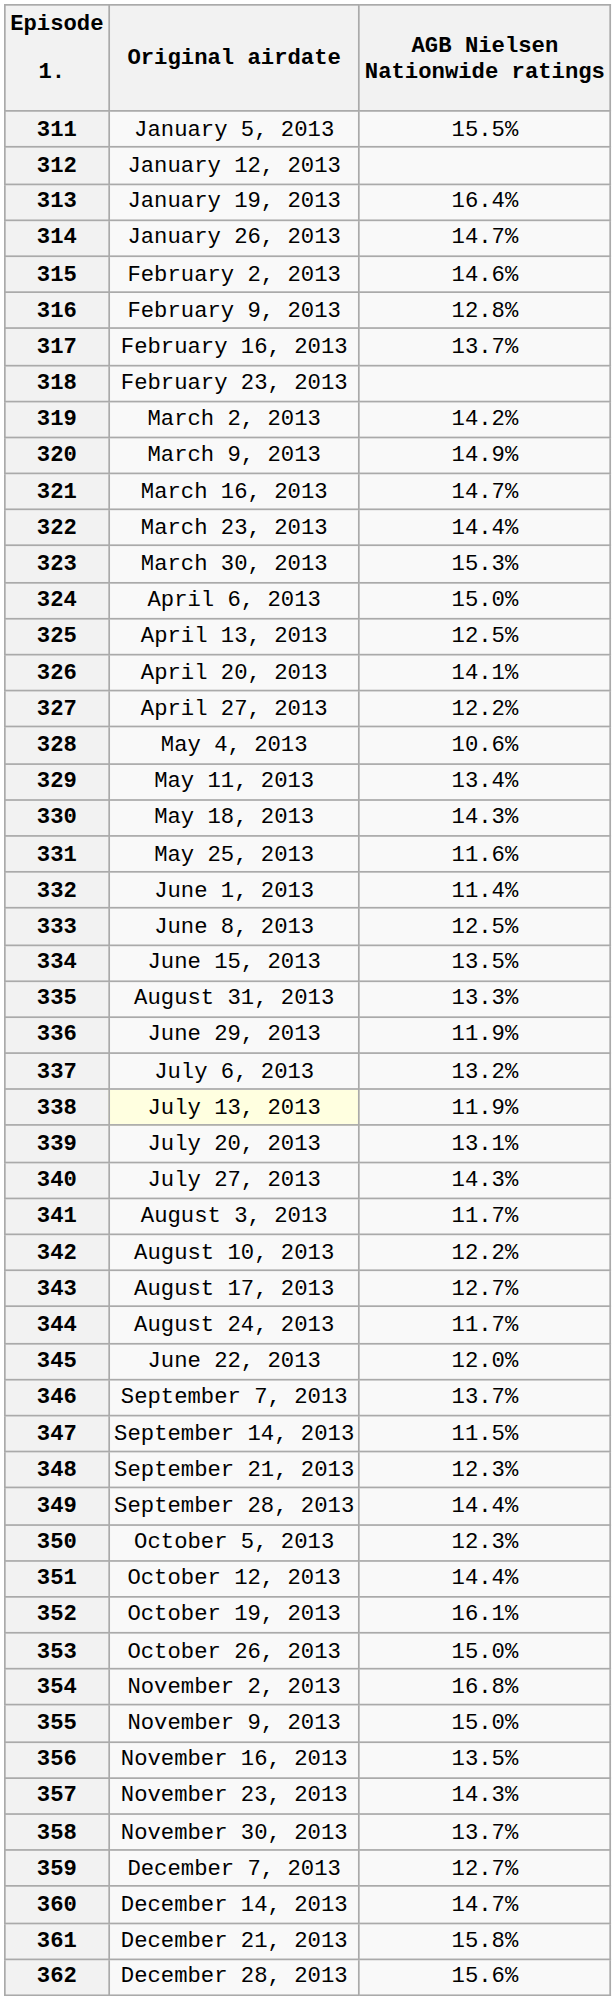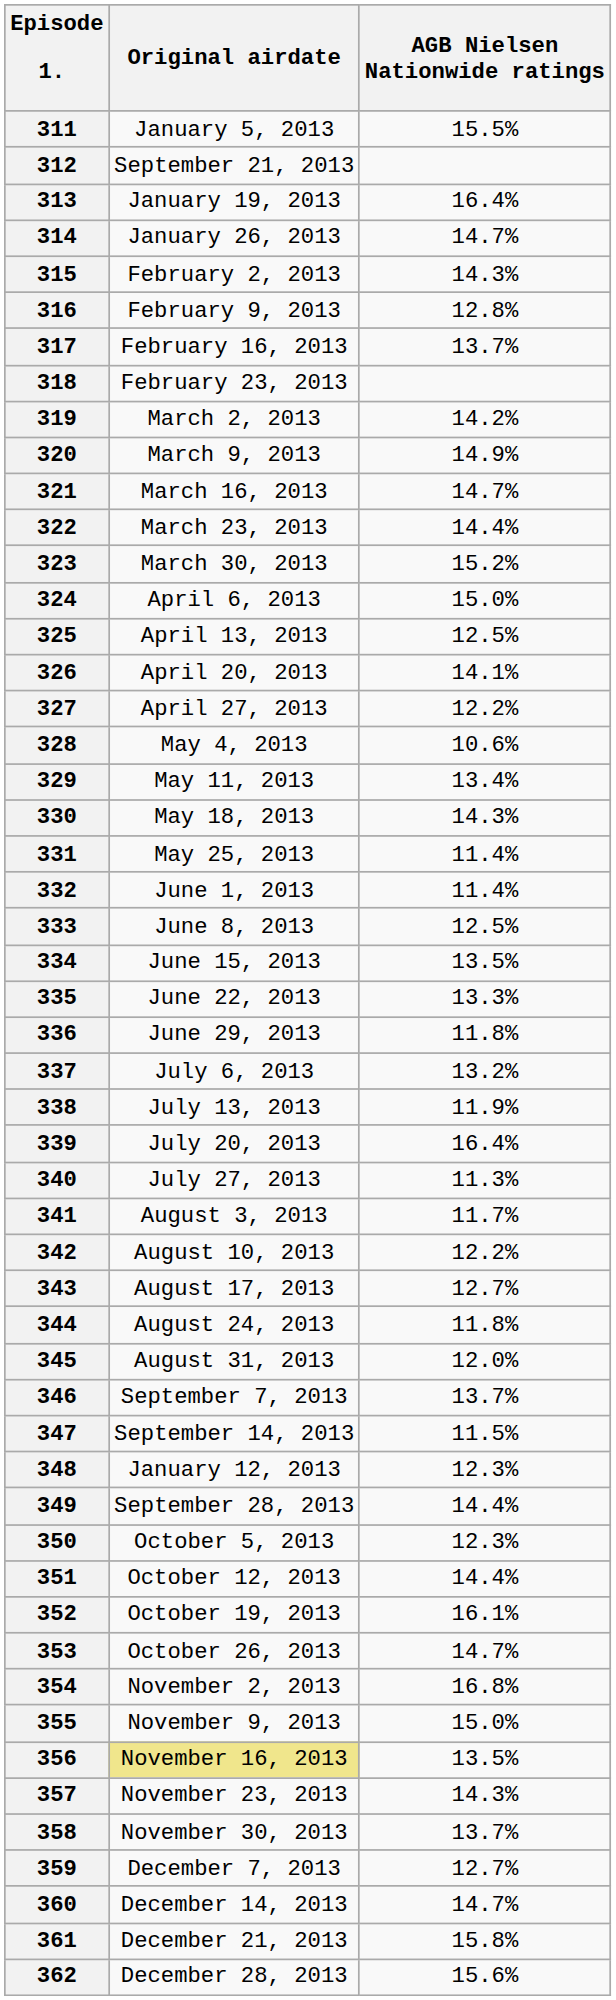 <table class=wikitable style="text-align:center">
 <tr>
 <th>Episode<br><ol><li></li></ol></th>
 <th>Original airdate</th>
 <th>AGB Nielsen<br>Nationwide ratings</th>
 </tr>
 <tr>
 <th>311</th>
 <td>January 5, 2013</td>
 <td>15.5%</td>
 </tr>
 <tr>
 <th>312</th>
-<td>January 12, 2013</td>
+<td>September 21, 2013</td>
 <td></td>
 </tr>
 <tr>
 <th>313</th>
 <td>January 19, 2013</td>
 <td>16.4%</td>
 </tr>
 <tr>
 <th>314</th>
 <td>January 26, 2013</td>
 <td>14.7%</td>
 </tr>
 <tr>
 <th>315</th>
 <td>February 2, 2013</td>
-<td>14.6%</td>
+<td>14.3%</td>
 </tr>
 <tr>
 <th>316</th>
 <td>February 9, 2013</td>
 <td>12.8%</td>
 </tr>
 <tr>
 <th>317</th>
 <td>February 16, 2013</td>
 <td>13.7%</td>
 </tr>
 <tr>
 <th>318</th>
 <td>February 23, 2013</td>
 <td></td>
 </tr>
 <tr>
 <th>319</th>
 <td>March 2, 2013</td>
 <td>14.2%</td>
 </tr>
 <tr>
 <th>320</th>
 <td>March 9, 2013</td>
 <td>14.9%</td>
 </tr>
 <tr>
 <th>321</th>
 <td>March 16, 2013</td>
 <td>14.7%</td>
 </tr>
 <tr>
 <th>322</th>
 <td>March 23, 2013</td>
 <td>14.4%</td>
 </tr>
 <tr>
 <th>323</th>
 <td>March 30, 2013</td>
-<td>15.3%</td>
+<td>15.2%</td>
 </tr>
 <tr>
 <th>324</th>
 <td>April 6, 2013</td>
 <td>15.0%</td>
 </tr>
 <tr>
 <th>325</th>
 <td>April 13, 2013</td>
 <td>12.5%</td>
 </tr>
 <tr>
 <th>326</th>
 <td>April 20, 2013</td>
 <td>14.1%</td>
 </tr>
 <tr>
 <th>327</th>
 <td>April 27, 2013</td>
 <td>12.2%</td>
 </tr>
 <tr>
 <th>328</th>
 <td>May 4, 2013</td>
 <td>10.6%</td>
 </tr>
 <tr>
 <th>329</th>
 <td>May 11, 2013</td>
 <td>13.4%</td>
 </tr>
 <tr>
 <th>330</th>
 <td>May 18, 2013</td>
 <td>14.3%</td>
 </tr>
 <tr>
 <th>331</th>
 <td>May 25, 2013</td>
-<td>11.6%</td>
+<td>11.4%</td>
 </tr>
 <tr>
 <th>332</th>
 <td>June 1, 2013</td>
 <td>11.4%</td>
 </tr>
 <tr>
 <th>333</th>
 <td>June 8, 2013</td>
 <td>12.5%</td>
 </tr>
 <tr>
 <th>334</th>
 <td>June 15, 2013</td>
 <td>13.5%</td>
 </tr>
 <tr>
 <th>335</th>
-<td>August 31, 2013</td>
+<td>June 22, 2013</td>
 <td>13.3%</td>
 </tr>
 <tr>
 <th>336</th>
 <td>June 29, 2013</td>
-<td>11.9%</td>
+<td>11.8%</td>
 </tr>
 <tr>
 <th>337</th>
 <td>July 6, 2013</td>
 <td>13.2%</td>
 </tr>
 <tr>
 <th>338</th>
-<td style="background: lightyellow;">July 13, 2013</td>
+<td>July 13, 2013</td>
 <td>11.9%</td>
 </tr>
 <tr>
 <th>339</th>
 <td>July 20, 2013</td>
-<td>13.1%</td>
+<td>16.4%</td>
 </tr>
 <tr>
 <th>340</th>
 <td>July 27, 2013</td>
-<td>14.3%</td>
+<td>11.3%</td>
 </tr>
 <tr>
 <th>341</th>
 <td>August 3, 2013</td>
 <td>11.7%</td>
 </tr>
 <tr>
 <th>342</th>
 <td>August 10, 2013</td>
 <td>12.2%</td>
 </tr>
 <tr>
 <th>343</th>
 <td>August 17, 2013</td>
 <td>12.7%</td>
 </tr>
 <tr>
 <th>344</th>
 <td>August 24, 2013</td>
-<td>11.7%</td>
+<td>11.8%</td>
 </tr>
 <tr>
 <th>345</th>
-<td>June 22, 2013</td>
+<td>August 31, 2013</td>
 <td>12.0%</td>
 </tr>
 <tr>
 <th>346</th>
 <td>September 7, 2013</td>
 <td>13.7%</td>
 </tr>
 <tr>
 <th>347</th>
 <td>September 14, 2013</td>
 <td>11.5%</td>
 </tr>
 <tr>
 <th>348</th>
-<td>September 21, 2013</td>
+<td>January 12, 2013</td>
 <td>12.3%</td>
 </tr>
 <tr>
 <th>349</th>
 <td>September 28, 2013</td>
 <td>14.4%</td>
 </tr>
 <tr>
 <th>350</th>
 <td>October 5, 2013</td>
 <td>12.3%</td>
 </tr>
 <tr>
 <th>351</th>
 <td>October 12, 2013</td>
 <td>14.4%</td>
 </tr>
 <tr>
 <th>352</th>
 <td>October 19, 2013</td>
 <td>16.1%</td>
 </tr>
 <tr>
 <th>353</th>
 <td>October 26, 2013</td>
-<td>15.0%</td>
+<td>14.7%</td>
 </tr>
 <tr>
 <th>354</th>
 <td>November 2, 2013</td>
 <td>16.8%</td>
 </tr>
 <tr>
 <th>355</th>
 <td>November 9, 2013</td>
 <td>15.0%</td>
 </tr>
 <tr>
 <th>356</th>
-<td>November 16, 2013</td>
+<td style="background: khaki;">November 16, 2013</td>
 <td>13.5%</td>
 </tr>
 <tr>
 <th>357</th>
 <td>November 23, 2013</td>
 <td>14.3%</td>
 </tr>
 <tr>
 <th>358</th>
 <td>November 30, 2013</td>
 <td>13.7%</td>
 </tr>
 <tr>
 <th>359</th>
 <td>December 7, 2013</td>
 <td>12.7%</td>
 </tr>
 <tr>
 <th>360</th>
 <td>December 14, 2013</td>
 <td>14.7%</td>
 </tr>
 <tr>
 <th>361</th>
 <td>December 21, 2013</td>
 <td>15.8%</td>
 </tr>
 <tr>
 <th>362</th>
 <td>December 28, 2013</td>
 <td>15.6%</td>
 </tr>
 </table>
